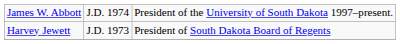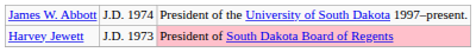 <table class="wikitable">
 <tr>
 <td><a href='#'>James W. Abbott</a></td>
 <td>J.D. 1974</td>
 <td>President of the <a href='#'>University of South Dakota</a> 1997–present.</td>
 </tr>
 <tr>
 <td><a href='#'>Harvey Jewett</a></td>
 <td>J.D. 1973</td>
-<td>President of <a href='#'>South Dakota Board of Regents</a></td>
+<td style="background: pink;">President of <a href='#'>South Dakota Board of Regents</a></td>
 </tr>
 <tr>
 </tr>
 </table>
